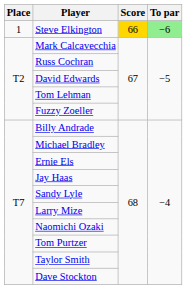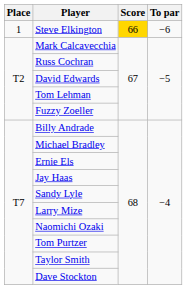 <table class="wikitable">
 <tr>
 <th>Place</th>
 <th>Player</th>
 <th>Score</th>
 <th>To par</th>
 </tr>
 <tr>
 <td align=center>1</td>
 <td> <a href='#'>Steve Elkington</a></td>
 <td align=center style="background: gold;">66</td>
-<td align=center style="background: lightgreen;">−6</td>
+<td align=center>−6</td>
 </tr>
 <tr>
 <td rowspan=5 align=center>T2</td>
 <td> <a href='#'>Mark Calcavecchia</a></td>
 <td rowspan=5 align=center>67</td>
 <td rowspan=5  align=center>−5</td>
 </tr>
 <tr>
 <td> <a href='#'>Russ Cochran</a></td>
 </tr>
 <tr>
 <td> <a href='#'>David Edwards</a></td>
 </tr>
 <tr>
 <td> <a href='#'>Tom Lehman</a></td>
 </tr>
 <tr>
 <td> <a href='#'>Fuzzy Zoeller</a></td>
 </tr>
 <tr>
 <td rowspan=10 align=center>T7</td>
 <td> <a href='#'>Billy Andrade</a></td>
 <td rowspan=10 align=center>68</td>
 <td rowspan=10  align=center>−4</td>
 </tr>
 <tr>
 <td> <a href='#'>Michael Bradley</a></td>
 </tr>
 <tr>
 <td> <a href='#'>Ernie Els</a></td>
 </tr>
 <tr>
 <td> <a href='#'>Jay Haas</a></td>
 </tr>
 <tr>
 <td> <a href='#'>Sandy Lyle</a></td>
 </tr>
 <tr>
 <td> <a href='#'>Larry Mize</a></td>
 </tr>
 <tr>
 <td> <a href='#'>Naomichi Ozaki</a></td>
 </tr>
 <tr>
 <td> <a href='#'>Tom Purtzer</a></td>
 </tr>
 <tr>
 <td> <a href='#'>Taylor Smith</a></td>
 </tr>
 <tr>
 <td> <a href='#'>Dave Stockton</a></td>
 </tr>
 </table>
